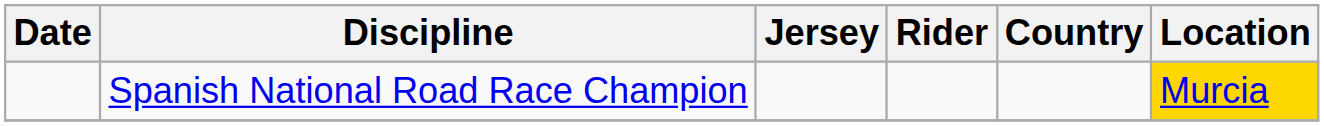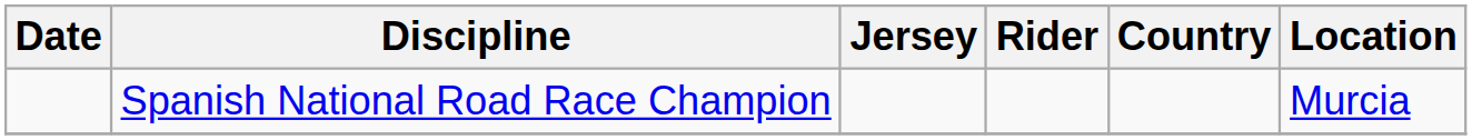 <table class="wikitable">
 <tr>
 <th>Date</th>
 <th>Discipline</th>
 <th>Jersey</th>
 <th>Rider</th>
 <th>Country</th>
 <th>Location</th>
 </tr>
 <tr>
 <td></td>
 <td><a href='#'>Spanish National Road Race Champion</a></td>
 <td></td>
 <td></td>
 <td></td>
-<td style="background: gold;"><a href='#'>Murcia</a></td>
+<td><a href='#'>Murcia</a></td>
 </tr>
 <tr>
 </tr>
 </table>
